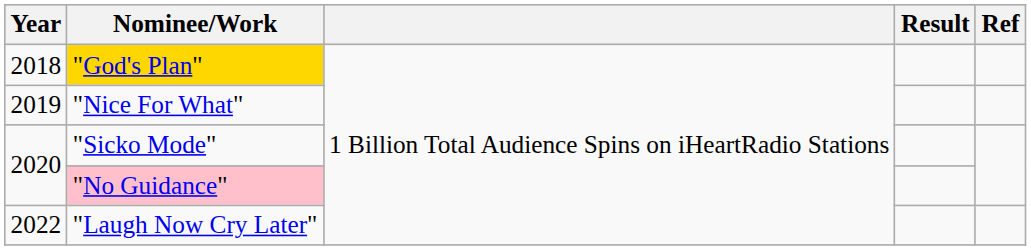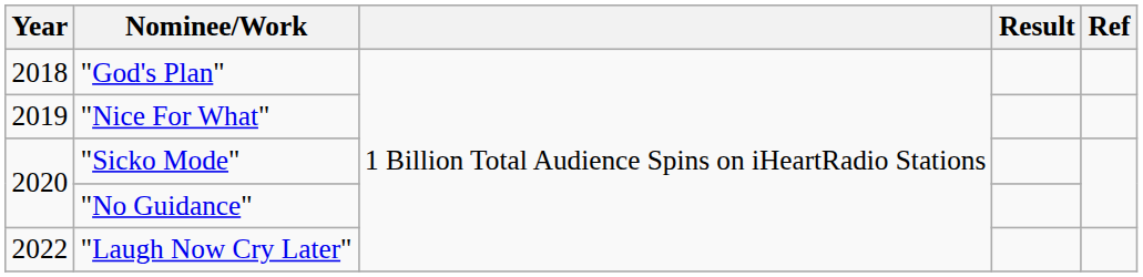 <table class="wikitable">
 <tr>
 <th>Year</th>
 <th>Nominee/Work</th>
 <th></th>
 <th>Result</th>
 <th>Ref</th>
 </tr>
 <tr>
 <td>2018</td>
-<td style="background: gold;">"<a href='#'>God's Plan</a>"</td>
+<td>"<a href='#'>God's Plan</a>"</td>
 <td rowspan="5">1 Billion Total Audience Spins on iHeartRadio Stations</td>
 <td></td>
 <td></td>
 </tr>
 <tr>
 <td>2019</td>
 <td>"<a href='#'>Nice For What</a>"</td>
 <td></td>
 <td></td>
 </tr>
 <tr>
 <td rowspan="2">2020</td>
 <td>"<a href='#'>Sicko Mode</a>" </td>
 <td></td>
 <td rowspan="2"></td>
 </tr>
 <tr>
-<td style="background: pink;">"<a href='#'>No Guidance</a>" </td>
+<td>"<a href='#'>No Guidance</a>" </td>
 <td></td>
 </tr>
 <tr>
 <td>2022</td>
 <td>"<a href='#'>Laugh Now Cry Later</a>" </td>
 <td></td>
 <td></td>
 </tr>
 </table>
